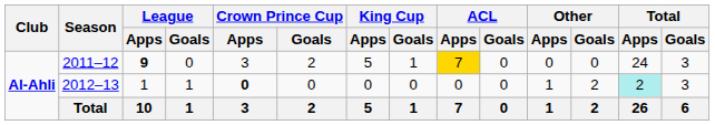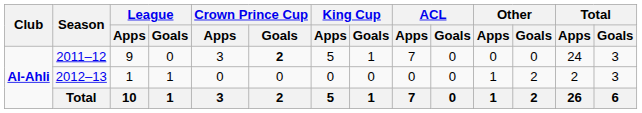 <table class="wikitable" style="text-align: center;">
 <tr>
 <th rowspan="2">Club</th>
 <th rowspan="2">Season</th>
 <th colspan="2"><a href='#'>League</a></th>
 <th colspan="2"><a href='#'>Crown Prince Cup</a></th>
 <th colspan="2"><a href='#'>King Cup</a></th>
 <th colspan="2"><a href='#'>ACL</a></th>
 <th colspan="2">Other</th>
 <th colspan="2">Total</th>
 </tr>
 <tr>
 <th>Apps</th>
 <th>Goals</th>
 <th>Apps</th>
 <th>Goals</th>
 <th>Apps</th>
 <th>Goals</th>
 <th>Apps</th>
 <th>Goals</th>
 <th>Apps</th>
 <th>Goals</th>
 <th>Apps</th>
 <th>Goals</th>
 </tr>
 <tr>
 <td rowspan="3" valign="center"><strong><a href='#'>Al-Ahli</a></strong></td>
 <td><a href='#'>2011–12</a></td>
-<td><strong>9</strong></td>
+<td>9</td>
 <td>0</td>
 <td>3</td>
-<td>2</td>
+<td><strong>2</strong></td>
 <td>5</td>
 <td>1</td>
-<td style="background: gold;">7</td>
+<td>7</td>
 <td>0</td>
 <td>0</td>
 <td>0</td>
 <td>24</td>
 <td>3</td>
 </tr>
 <tr>
 <td><a href='#'>2012–13</a></td>
 <td>1</td>
 <td>1</td>
-<td><strong>0</strong></td>
+<td>0</td>
 <td>0</td>
 <td>0</td>
 <td>0</td>
 <td>0</td>
 <td>0</td>
 <td>1</td>
 <td>2</td>
-<td style="background: paleturquoise;">2</td>
+<td>2</td>
 <td>3</td>
 </tr>
 <tr>
 <th>Total</th>
 <th>10</th>
 <th>1</th>
 <th>3</th>
 <th>2</th>
 <th>5</th>
 <th>1</th>
 <th>7</th>
 <th>0</th>
 <th>1</th>
 <th>2</th>
 <th>26</th>
 <th>6</th>
 </tr>
 </table>
